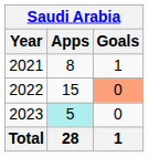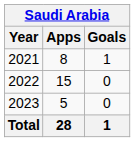 <table class="wikitable" style="text-align:center">
 <tr>
 <th colspan=3><a href='#'>Saudi Arabia</a></th>
 </tr>
 <tr>
 <th>Year</th>
 <th>Apps</th>
 <th>Goals</th>
 </tr>
 <tr>
 <td>2021</td>
 <td>8</td>
 <td>1</td>
 </tr>
 <tr>
 <td>2022</td>
 <td>15</td>
-<td style="background: lightsalmon;">0</td>
+<td>0</td>
 </tr>
 <tr>
 <td>2023</td>
-<td style="background: paleturquoise;">5</td>
+<td>5</td>
 <td>0</td>
 </tr>
 <tr>
 <th>Total</th>
 <th>28</th>
 <th>1</th>
 </tr>
 </table>
